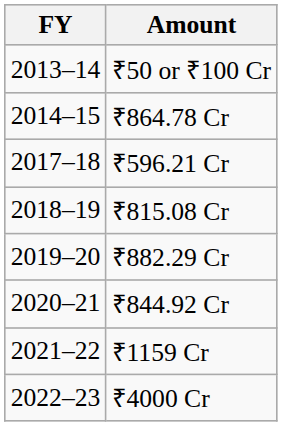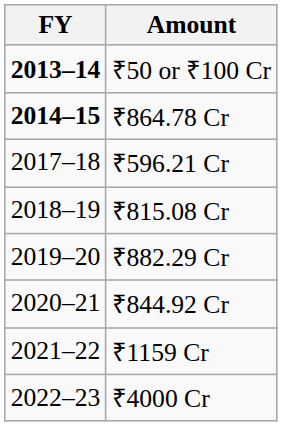 <table class= wikitable>
 <tr>
 <th>FY</th>
 <th>Amount</th>
 </tr>
 <tr>
-<td>2013–14</td>
+<td><strong>2013–14</strong></td>
 <td>₹50 or ₹100 Cr</td>
 </tr>
 <tr>
-<td>2014–15</td>
+<td><strong>2014–15</strong></td>
 <td>₹864.78 Cr</td>
 </tr>
 <tr>
 <td>2017–18</td>
 <td>₹596.21 Cr</td>
 </tr>
 <tr>
 <td>2018–19</td>
 <td>₹815.08 Cr</td>
 </tr>
 <tr>
 <td>2019–20</td>
 <td>₹882.29 Cr</td>
 </tr>
 <tr>
 <td>2020–21</td>
 <td>₹844.92 Cr</td>
 </tr>
 <tr>
 <td>2021–22</td>
 <td>₹1159 Cr</td>
 </tr>
 <tr>
 <td>2022–23</td>
 <td>₹4000 Cr</td>
 </tr>
 </table>
